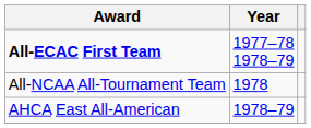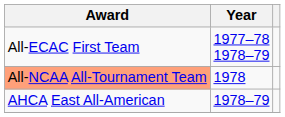 <table class="wikitable">
 <tr>
 <th>Award</th>
 <th>Year</th>
 <th></th>
 </tr>
 <tr>
-<td><strong>All-<a href='#'>ECAC</a> <a href='#'>First Team</a></strong></td>
+<td>All-<a href='#'>ECAC</a> <a href='#'>First Team</a></td>
 <td><a href='#'>1977–78</a><br><a href='#'>1978–79</a></td>
 <td></td>
 </tr>
 <tr>
-<td>All-<a href='#'>NCAA</a> <a href='#'>All-Tournament Team</a></td>
+<td style="background: lightsalmon;">All-<a href='#'>NCAA</a> <a href='#'>All-Tournament Team</a></td>
 <td><a href='#'>1978</a></td>
 <td></td>
 </tr>
 <tr>
 <td><a href='#'>AHCA</a> <a href='#'>East All-American</a></td>
 <td><a href='#'>1978–79</a></td>
 <td></td>
 </tr>
 <tr>
 </tr>
 </table>
